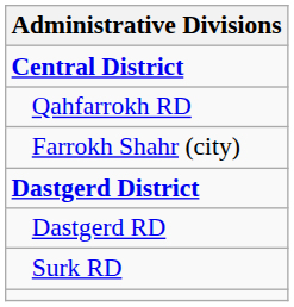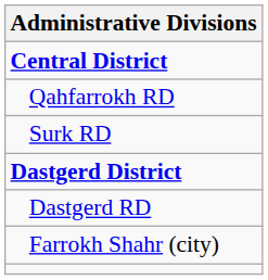 <table class="wikitable">
 <tr>
 <th>Administrative Divisions</th>
 </tr>
 <tr>
 <td><strong><a href='#'>Central District</a></strong></td>
 </tr>
 <tr>
 <td style="padding-left: 1em;"><a href='#'>Qahfarrokh RD</a></td>
 </tr>
 <tr>
-<td style="padding-left: 1em;"><a href='#'>Farrokh Shahr</a> (city)</td>
+<td style="padding-left: 1em;"><a href='#'>Surk RD</a></td>
 </tr>
 <tr>
 <td><strong><a href='#'>Dastgerd District</a></strong></td>
 </tr>
 <tr>
 <td style="padding-left: 1em;"><a href='#'>Dastgerd RD</a></td>
 </tr>
 <tr>
-<td style="padding-left: 1em;"><a href='#'>Surk RD</a></td>
+<td style="padding-left: 1em;"><a href='#'>Farrokh Shahr</a> (city)</td>
 </tr>
 <tr>
 <td colspan=1></td>
 </tr>
 </table>
